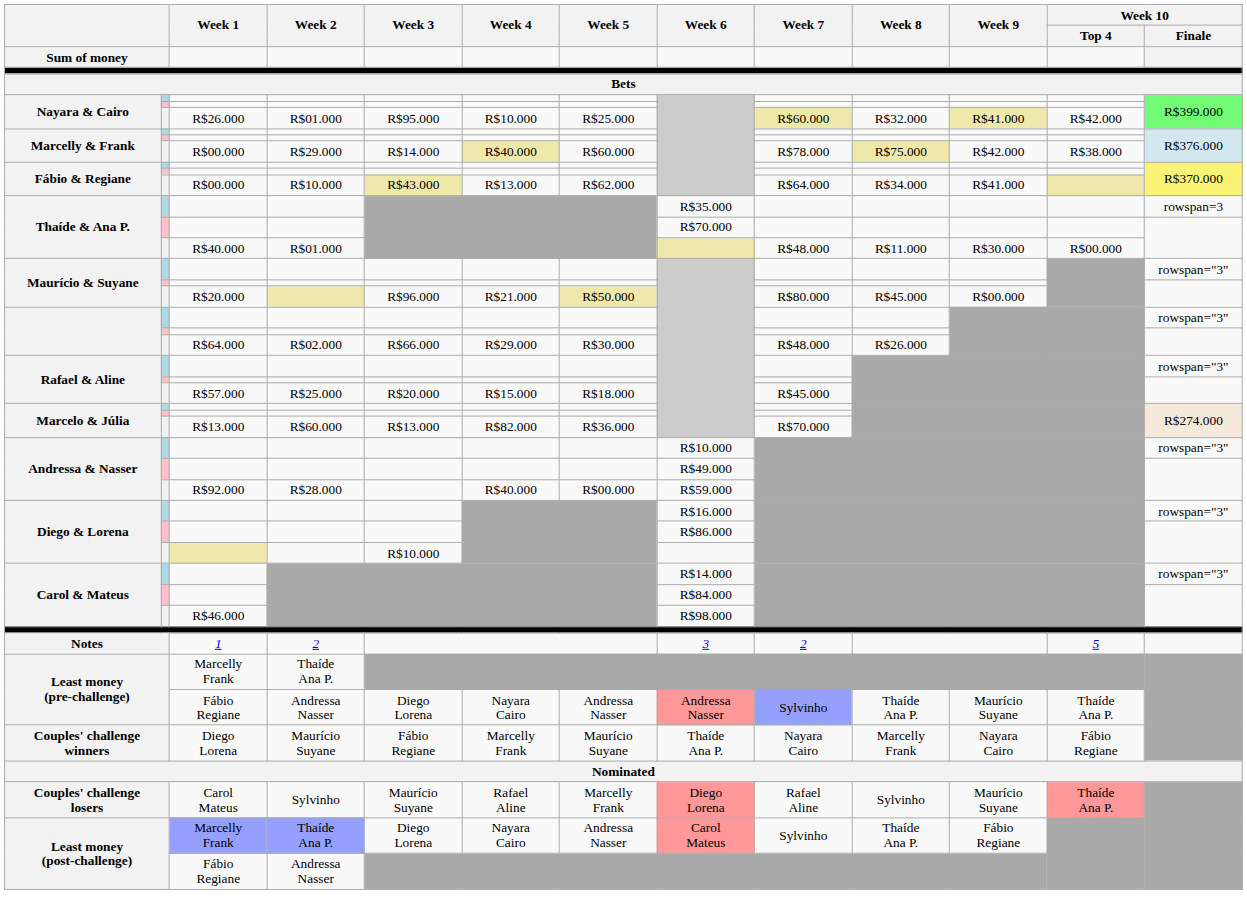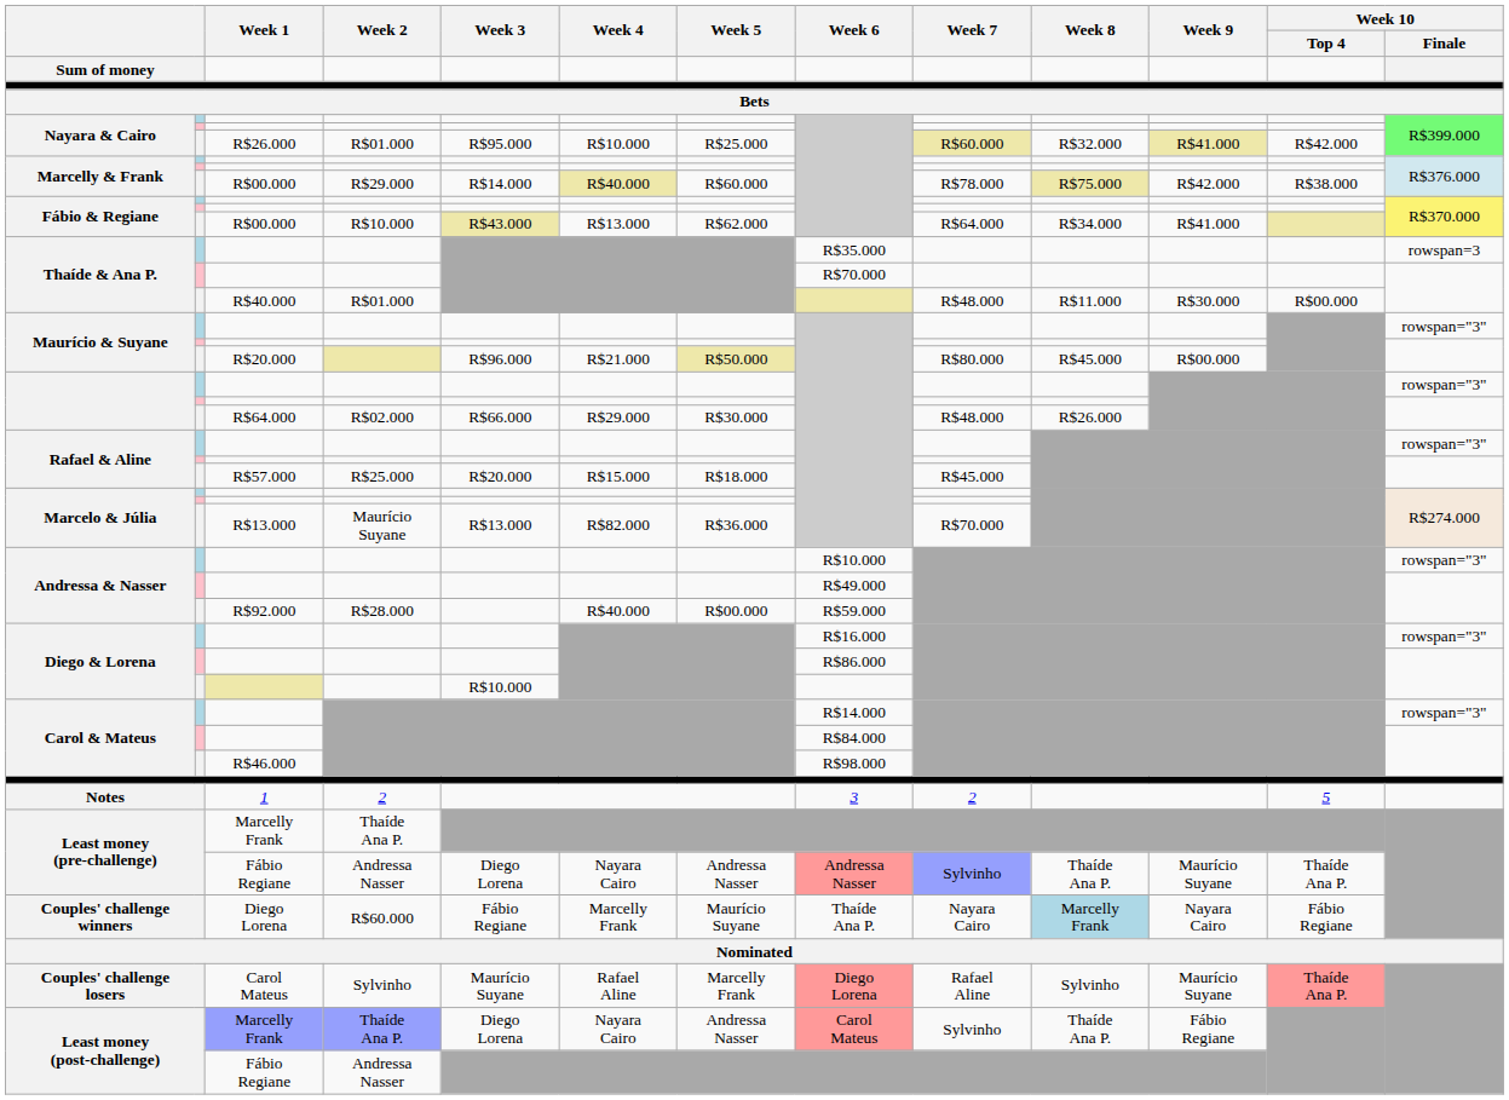 <table class="wikitable" style="text-align:center; font-size:85%; width:100%; line-height:15px;">
 <tr>
 <th rowspan=2 colspan=2 style="width:11.0%"></th>
 <th rowspan=2 style="width:06.5%">Week 1</th>
 <th rowspan=2 style="width:06.5%">Week 2</th>
 <th rowspan=2 style="width:06.5%">Week 3</th>
 <th rowspan=2 style="width:06.5%">Week 4</th>
 <th rowspan=2 style="width:06.5%">Week 5</th>
 <th rowspan=2 style="width:06.5%">Week 6</th>
 <th rowspan=2 style="width:06.5%">Week 7</th>
 <th rowspan=2 style="width:06.5%">Week 8</th>
 <th rowspan=2 style="width:06.5%">Week 9</th>
 <th colspan=2 style="width:13.0%">Week 10</th>
 </tr>
 <tr>
 <th style="width:06.5%">Top 4</th>
 <th style="width:06.5%">Finale</th>
 </tr>
 <tr>
 <th colspan=2>Sum of money</th>
 <td></td>
 <td></td>
 <td></td>
 <td></td>
 <td></td>
 <td></td>
 <td></td>
 <td></td>
 <td></td>
 <td></td>
 <th></th>
 </tr>
 <tr>
 <td bgcolor=000000 colspan=13></td>
 </tr>
 <tr>
 <th colspan=13>Bets</th>
 </tr>
 <tr>
 <th rowspan=3>Nayara & Cairo</th>
 <td bgcolor=ADD8E6></td>
 <td></td>
 <td></td>
 <td></td>
 <td></td>
 <td></td>
 <td rowspan=9 bgcolor=CCCCCC></td>
 <td></td>
 <td></td>
 <td></td>
 <td></td>
 <td rowspan=3 bgcolor=73FB76>R$399.000</td>
 </tr>
 <tr>
 <td bgcolor=FFC0CB></td>
 <td></td>
 <td></td>
 <td></td>
 <td></td>
 <td></td>
 <td></td>
 <td></td>
 <td></td>
 <td></td>
 </tr>
 <tr>
 <th></th>
 <td>R$26.000</td>
 <td>R$01.000</td>
 <td>R$95.000</td>
 <td>R$10.000</td>
 <td>R$25.000</td>
 <td bgcolor=EEE8AA>R$60.000</td>
 <td>R$32.000</td>
 <td bgcolor=EEE8AA>R$41.000</td>
 <td>R$42.000</td>
 </tr>
 <tr>
 <th rowspan=3>Marcelly & Frank</th>
 <td bgcolor=ADD8E6></td>
 <td></td>
 <td></td>
 <td></td>
 <td></td>
 <td></td>
 <td></td>
 <td></td>
 <td></td>
 <td></td>
 <td rowspan=3 bgcolor=D1E8EF>R$376.000</td>
 </tr>
 <tr>
 <td bgcolor=FFC0CB></td>
 <td></td>
 <td></td>
 <td></td>
 <td></td>
 <td></td>
 <td></td>
 <td></td>
 <td></td>
 <td></td>
 </tr>
 <tr>
 <th></th>
 <td>R$00.000</td>
 <td>R$29.000</td>
 <td>R$14.000</td>
 <td bgcolor=EEE8AA>R$40.000</td>
 <td>R$60.000</td>
 <td>R$78.000</td>
 <td bgcolor=EEE8AA>R$75.000</td>
 <td>R$42.000</td>
 <td>R$38.000</td>
 </tr>
 <tr>
 <th rowspan=3>Fábio & Regiane</th>
 <td bgcolor=ADD8E6></td>
 <td></td>
 <td></td>
 <td></td>
 <td></td>
 <td></td>
 <td></td>
 <td></td>
 <td></td>
 <td></td>
 <td rowspan=3 bgcolor=FBF373>R$370.000</td>
 </tr>
 <tr>
 <td bgcolor=FFC0CB></td>
 <td></td>
 <td></td>
 <td></td>
 <td></td>
 <td></td>
 <td></td>
 <td></td>
 <td></td>
 <td></td>
 </tr>
 <tr>
 <th></th>
 <td>R$00.000</td>
 <td>R$10.000</td>
 <td bgcolor=EEE8AA>R$43.000</td>
 <td>R$13.000</td>
 <td>R$62.000</td>
 <td>R$64.000</td>
 <td>R$34.000</td>
 <td>R$41.000</td>
 <td bgcolor=EEE8AA></td>
 </tr>
 <tr>
 <th rowspan=3>Thaíde & Ana P.</th>
 <td bgcolor=ADD8E6></td>
 <td></td>
 <td></td>
 <td rowspan=3 colspan=3 bgcolor=A9A9A9></td>
 <td>R$35.000</td>
 <td></td>
 <td></td>
 <td></td>
 <td></td>
 <td>rowspan=3 </td>
 </tr>
 <tr>
 <td bgcolor=FFC0CB></td>
 <td></td>
 <td></td>
 <td>R$70.000</td>
 <td></td>
 <td></td>
 <td></td>
 <td></td>
 </tr>
 <tr>
 <th></th>
 <td>R$40.000</td>
 <td>R$01.000</td>
 <td bgcolor=EEE8AA></td>
 <td>R$48.000</td>
 <td>R$11.000</td>
 <td>R$30.000</td>
 <td>R$00.000</td>
 </tr>
 <tr>
 <th rowspan=3>Maurício & Suyane</th>
 <td bgcolor=ADD8E6></td>
 <td></td>
 <td></td>
 <td></td>
 <td></td>
 <td></td>
 <td rowspan=12 bgcolor=CCCCCC></td>
 <td></td>
 <td></td>
 <td></td>
 <td rowspan="3" bgcolor="A9A9A9"></td>
 <td>rowspan="3" </td>
 </tr>
 <tr>
 <td bgcolor=FFC0CB></td>
 <td></td>
 <td></td>
 <td></td>
 <td></td>
 <td></td>
 <td></td>
 <td></td>
 <td></td>
 </tr>
 <tr>
 <th></th>
 <td>R$20.000</td>
 <td bgcolor=EEE8AA></td>
 <td>R$96.000</td>
 <td>R$21.000</td>
 <td bgcolor=EEE8AA>R$50.000</td>
 <td>R$80.000</td>
 <td>R$45.000</td>
 <td>R$00.000</td>
 </tr>
 <tr>
 <th rowspan=3></th>
 <td bgcolor=ADD8E6></td>
 <td></td>
 <td></td>
 <td></td>
 <td></td>
 <td></td>
 <td></td>
 <td></td>
 <td colspan="2" rowspan="3" bgcolor="A9A9A9"></td>
 <td>rowspan="3" </td>
 </tr>
 <tr>
 <td bgcolor=FFC0CB></td>
 <td></td>
 <td></td>
 <td></td>
 <td></td>
 <td></td>
 <td></td>
 <td></td>
 </tr>
 <tr>
 <th></th>
 <td>R$64.000</td>
 <td>R$02.000</td>
 <td>R$66.000</td>
 <td>R$29.000</td>
 <td>R$30.000</td>
 <td>R$48.000</td>
 <td>R$26.000</td>
 </tr>
 <tr>
 <th rowspan=3>Rafael & Aline</th>
 <td bgcolor=ADD8E6></td>
 <td></td>
 <td></td>
 <td></td>
 <td></td>
 <td></td>
 <td></td>
 <td colspan="3" rowspan="3" bgcolor="A9A9A9"></td>
 <td>rowspan="3" </td>
 </tr>
 <tr>
 <td bgcolor=FFC0CB></td>
 <td></td>
 <td></td>
 <td></td>
 <td></td>
 <td></td>
 <td></td>
 </tr>
 <tr>
 <th></th>
 <td>R$57.000</td>
 <td>R$25.000</td>
 <td>R$20.000</td>
 <td>R$15.000</td>
 <td>R$18.000</td>
 <td>R$45.000</td>
 </tr>
 <tr>
 <th rowspan=3>Marcelo & Júlia</th>
 <td bgcolor=ADD8E6></td>
 <td></td>
 <td></td>
 <td></td>
 <td></td>
 <td></td>
 <td></td>
 <td colspan="3" rowspan="3" bgcolor="A9A9A9"></td>
 <td rowspan="3" bgcolor=f5e9dc>R$274.000</td>
 </tr>
 <tr>
 <td bgcolor=FFC0CB></td>
 <td></td>
 <td></td>
 <td></td>
 <td></td>
 <td></td>
 <td></td>
 </tr>
 <tr>
 <th></th>
 <td>R$13.000</td>
-<td>R$60.000</td>
+<td>Maurício<br>Suyane</td>
 <td>R$13.000</td>
 <td>R$82.000</td>
 <td>R$36.000</td>
 <td>R$70.000</td>
 </tr>
 <tr>
 <th rowspan=3>Andressa & Nasser</th>
 <td bgcolor=ADD8E6></td>
 <td></td>
 <td></td>
 <td></td>
 <td></td>
 <td></td>
 <td>R$10.000</td>
 <td colspan="4" rowspan="3" bgcolor="A9A9A9"></td>
 <td>rowspan="3" </td>
 </tr>
 <tr>
 <td bgcolor=FFC0CB></td>
 <td></td>
 <td></td>
 <td></td>
 <td></td>
 <td></td>
 <td>R$49.000</td>
 </tr>
 <tr>
 <th></th>
 <td>R$92.000</td>
 <td>R$28.000</td>
 <td></td>
 <td>R$40.000</td>
 <td>R$00.000</td>
 <td>R$59.000</td>
 </tr>
 <tr>
 <th rowspan=3>Diego & Lorena</th>
 <td bgcolor=ADD8E6></td>
 <td></td>
 <td></td>
 <td></td>
 <td rowspan=3 colspan=2 bgcolor=A9A9A9></td>
 <td>R$16.000</td>
 <td colspan="4" rowspan="3" bgcolor="A9A9A9"></td>
 <td>rowspan="3" </td>
 </tr>
 <tr>
 <td bgcolor=FFC0CB></td>
 <td></td>
 <td></td>
 <td></td>
 <td>R$86.000</td>
 </tr>
 <tr>
 <th></th>
 <td bgcolor=EEE8AA></td>
 <td></td>
 <td>R$10.000</td>
 <td></td>
 </tr>
 <tr>
 <th rowspan=3>Carol & Mateus</th>
 <td bgcolor=ADD8E6></td>
 <td></td>
 <td rowspan=3 colspan=4 bgcolor=A9A9A9></td>
 <td>R$14.000</td>
 <td colspan="4" rowspan="3" bgcolor="A9A9A9"></td>
 <td>rowspan="3" </td>
 </tr>
 <tr>
 <td bgcolor=FFC0CB></td>
 <td></td>
 <td>R$84.000</td>
 </tr>
 <tr>
 <th></th>
 <td>R$46.000</td>
 <td>R$98.000</td>
 </tr>
 <tr>
 <td bgcolor=000000 colspan=13></td>
 </tr>
 <tr>
 <th colspan=2>Notes</th>
 <td><em><a href='#'>1</a></em></td>
 <td><em><a href='#'>2</a></em></td>
 <td colspan=3></td>
 <td><em><a href='#'>3</a></em></td>
 <td><em><a href='#'>2</a></em></td>
 <td colspan=2></td>
 <td><em><a href='#'>5</a></em></td>
 <td colspan=3></td>
 </tr>
 <tr>
 <th rowspan=2 colspan=2>Least money<br>(pre-challenge)</th>
 <td>Marcelly<br>Frank</td>
 <td>Thaíde<br>Ana P.</td>
 <td colspan=8 bgcolor=A9A9A9></td>
 <td rowspan=3 bgcolor=A9A9A9></td>
 </tr>
 <tr>
 <td>Fábio<br>Regiane</td>
 <td>Andressa<br>Nasser</td>
 <td>Diego<br>Lorena</td>
 <td>Nayara<br>Cairo</td>
 <td>Andressa<br>Nasser</td>
 <td bgcolor=FF9999>Andressa<br>Nasser</td>
 <td bgcolor=959FFD>Sylvinho<br></td>
 <td>Thaíde<br>Ana P.</td>
 <td>Maurício<br>Suyane</td>
 <td>Thaíde<br>Ana P.</td>
 </tr>
 <tr>
 <th colspan=2>Couples' challenge<br>winners</th>
 <td>Diego<br>Lorena</td>
-<td>Maurício<br>Suyane</td>
+<td>R$60.000</td>
 <td>Fábio<br>Regiane</td>
 <td>Marcelly<br>Frank</td>
 <td>Maurício<br>Suyane</td>
 <td>Thaíde<br>Ana P.</td>
 <td>Nayara<br>Cairo</td>
-<td>Marcelly<br>Frank</td>
+<td style="background: lightblue;">Marcelly<br>Frank</td>
 <td>Nayara<br>Cairo</td>
 <td>Fábio<br>Regiane</td>
 </tr>
 <tr>
 <th colspan=13>Nominated</th>
 </tr>
 <tr>
 <th colspan=2>Couples' challenge<br>losers</th>
 <td>Carol<br>Mateus</td>
 <td>Sylvinho<br></td>
 <td>Maurício<br>Suyane</td>
 <td>Rafael<br>Aline</td>
 <td>Marcelly<br>Frank</td>
 <td bgcolor=FF9999>Diego<br>Lorena</td>
 <td>Rafael<br>Aline</td>
 <td>Sylvinho<br></td>
 <td>Maurício<br>Suyane</td>
 <td bgcolor=FF9999>Thaíde<br>Ana P.</td>
 <td rowspan=3 bgcolor=A9A9A9></td>
 </tr>
 <tr>
 <th rowspan=2 colspan=2>Least money<br>(post-challenge)</th>
 <td bgcolor=959FFD>Marcelly<br>Frank</td>
 <td bgcolor=959FFD>Thaíde<br>Ana P.</td>
 <td>Diego<br>Lorena</td>
 <td>Nayara<br>Cairo</td>
 <td>Andressa<br>Nasser</td>
 <td bgcolor=FF9999>Carol<br>Mateus</td>
 <td>Sylvinho<br></td>
 <td>Thaíde<br>Ana P.</td>
 <td>Fábio<br>Regiane</td>
 <td rowspan=2 bgcolor=A9A9A9></td>
 </tr>
 <tr>
 <td>Fábio<br>Regiane</td>
 <td>Andressa<br>Nasser</td>
 <td colspan=7 bgcolor=A9A9A9></td>
 </tr>
 </table>
